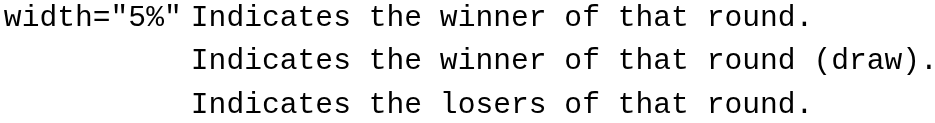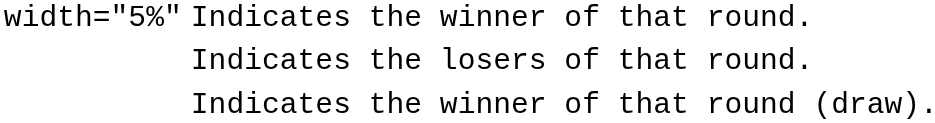 <table>
 <tr>
 <td>width="5%" </td>
 <td>Indicates the winner of that round.</td>
 </tr>
 <tr>
 <td></td>
-<td>Indicates the winner of that round (draw).</td>
+<td>Indicates the losers of that round.</td>
 </tr>
 <tr>
 <td></td>
-<td>Indicates the losers of that round.</td>
+<td>Indicates the winner of that round (draw).</td>
 </tr>
 </table>
